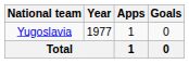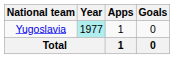 <table class="wikitable" style="text-align:center">
 <tr>
 <th>National team</th>
 <th>Year</th>
 <th>Apps</th>
 <th>Goals</th>
 </tr>
 <tr>
 <td><a href='#'>Yugoslavia</a></td>
-<td>1977</td>
+<td style="background: paleturquoise;">1977</td>
 <td>1</td>
 <td>0</td>
 </tr>
 <tr>
 <th colspan="2">Total</th>
 <th>1</th>
 <th>0</th>
 </tr>
 </table>
